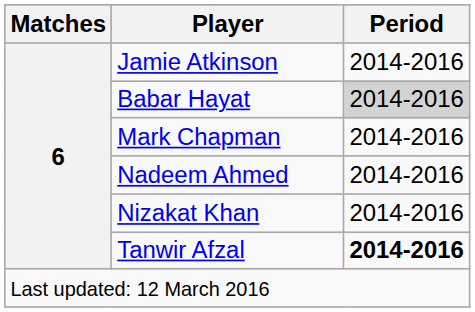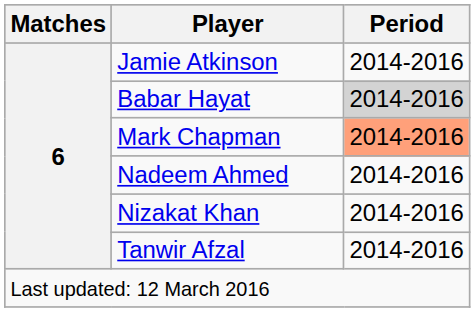 <table class="wikitable" style="font-size: 90%">
 <tr>
 <th>Matches</th>
 <th width=50%>Player</th>
 <th>Period</th>
 </tr>
 <tr>
 <th rowspan=6>6</th>
 <td><a href='#'>Jamie Atkinson</a></td>
 <td>2014-2016</td>
 </tr>
 <tr>
 <td><a href='#'>Babar Hayat</a></td>
 <td style="background: lightgrey;">2014-2016</td>
 </tr>
 <tr>
 <td><a href='#'>Mark Chapman</a></td>
-<td>2014-2016</td>
+<td style="background: lightsalmon;">2014-2016</td>
 </tr>
 <tr>
 <td><a href='#'>Nadeem Ahmed</a></td>
 <td>2014-2016</td>
 </tr>
 <tr>
 <td><a href='#'>Nizakat Khan</a></td>
 <td>2014-2016</td>
 </tr>
 <tr>
 <td><a href='#'>Tanwir Afzal</a></td>
-<td><strong>2014-2016</strong></td>
+<td>2014-2016</td>
 </tr>
 <tr>
 <td colspan="7"><small>Last updated: 12 March 2016</small></td>
 </tr>
 </table>
